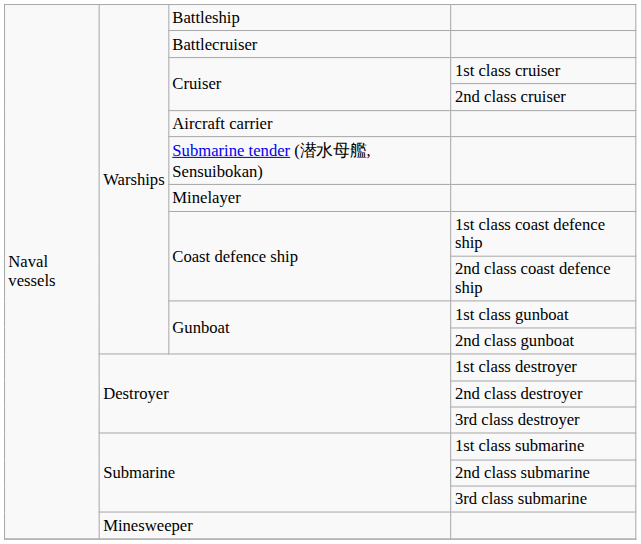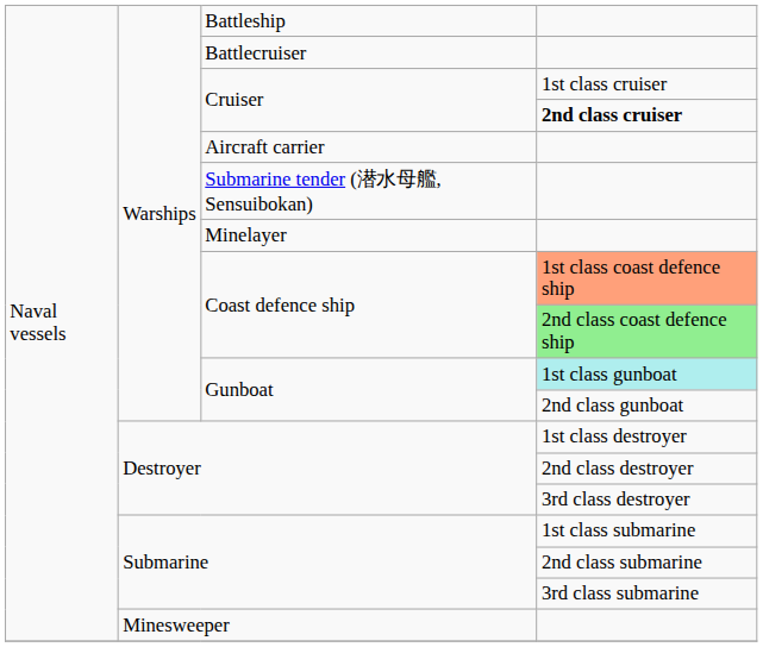 <table class="wikitable">
 <tr>
 <td rowspan="18">Naval vessels</td>
 <td rowspan="11">Warships</td>
 <td>Battleship</td>
 <td></td>
 </tr>
 <tr>
 <td>Battlecruiser</td>
 <td></td>
 </tr>
 <tr>
 <td rowspan="2">Cruiser</td>
 <td>1st class cruiser</td>
 </tr>
 <tr>
-<td>2nd class cruiser</td>
+<td><strong>2nd class cruiser</strong></td>
 </tr>
 <tr>
 <td>Aircraft carrier</td>
 <td></td>
 </tr>
 <tr>
 <td><a href='#'>Submarine tender</a> (潜水母艦, Sensuibokan)</td>
 <td></td>
 </tr>
 <tr>
 <td>Minelayer</td>
 <td></td>
 </tr>
 <tr>
 <td rowspan="2">Coast defence ship</td>
-<td>1st class coast defence ship</td>
+<td style="background: lightsalmon;">1st class coast defence ship</td>
 </tr>
 <tr>
-<td>2nd class coast defence ship</td>
+<td style="background: lightgreen;">2nd class coast defence ship</td>
 </tr>
 <tr>
 <td rowspan="2">Gunboat</td>
-<td>1st class gunboat</td>
+<td style="background: paleturquoise;">1st class gunboat</td>
 </tr>
 <tr>
 <td>2nd class gunboat</td>
 </tr>
 <tr>
 <td colspan="2" rowspan="3">Destroyer</td>
 <td>1st class destroyer</td>
 </tr>
 <tr>
 <td>2nd class destroyer</td>
 </tr>
 <tr>
 <td>3rd class destroyer</td>
 </tr>
 <tr>
 <td rowspan="3" colspan="2">Submarine</td>
 <td>1st class submarine</td>
 </tr>
 <tr>
 <td>2nd class submarine</td>
 </tr>
 <tr>
 <td>3rd class submarine</td>
 </tr>
 <tr>
 <td colspan="2">Minesweeper</td>
 <td></td>
 </tr>
 <tr>
 </tr>
 </table>
